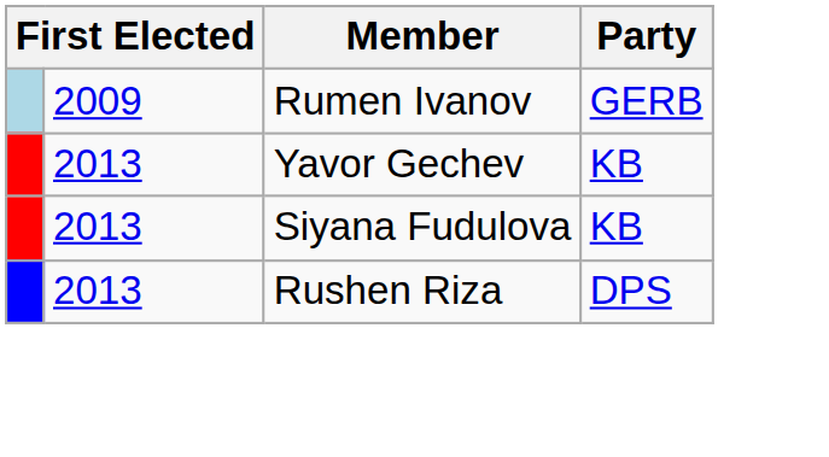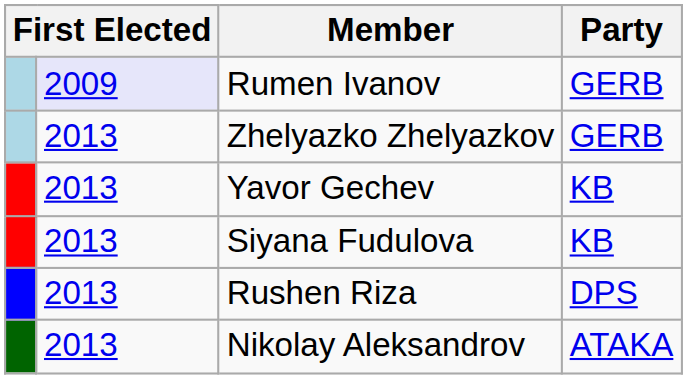 <table class="wikitable">
 <tr>
 <th colspan="2">First Elected</th>
 <th>Member</th>
 <th>Party</th>
 </tr>
 <tr>
 <td style="background-color: lightblue"></td>
-<td><a href='#'>2009</a></td>
+<td style="background: lavender;"><a href='#'>2009</a></td>
 <td>Rumen Ivanov</td>
+<td><a href='#'>GERB</a></td>
+</tr>
+<tr>
+<td style="background-color: lightblue"></td>
+<td><a href='#'>2013</a></td>
+<td>Zhelyazko Zhelyazkov</td>
 <td><a href='#'>GERB</a></td>
 </tr>
 <tr>
 <td style="background-color: red"></td>
 <td><a href='#'>2013</a></td>
 <td>Yavor Gechev</td>
 <td><a href='#'>KB</a></td>
 </tr>
 <tr>
 <td style="background-color: red"></td>
 <td><a href='#'>2013</a></td>
 <td>Siyana Fudulova</td>
 <td><a href='#'>KB</a></td>
 </tr>
 <tr>
 <td style="background-color: blue"></td>
 <td><a href='#'>2013</a></td>
 <td>Rushen Riza</td>
 <td><a href='#'>DPS</a></td>
 </tr>
+<tr>
+<td style="background-color: darkgreen"></td>
+<td><a href='#'>2013</a></td>
+<td>Nikolay Aleksandrov</td>
+<td><a href='#'>ATAKA</a></td>
+</tr>
 </table>
